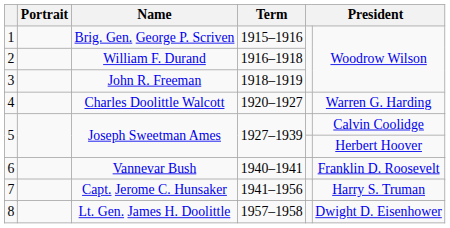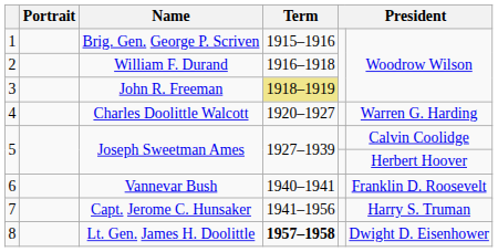 <table class="wikitable" style="text-align:center">
 <tr>
 <th></th>
 <th>Portrait</th>
 <th>Name</th>
 <th>Term</th>
 <th colspan="2">President<br></th>
 </tr>
 <tr>
 <td>1</td>
 <td></td>
 <td><a href='#'>Brig. Gen.</a> <a href='#'>George P. Scriven</a><br></td>
 <td>1915–1916</td>
 <td rowspan=4 style="background: "></td>
 <td rowspan=4><a href='#'>Woodrow Wilson</a></td>
 </tr>
 <tr>
 <td>2</td>
 <td></td>
 <td><a href='#'>William F. Durand</a><br></td>
 <td>1916–1918</td>
 </tr>
 <tr>
 <td>3</td>
 <td></td>
 <td><a href='#'>John R. Freeman</a><br></td>
-<td>1918–1919</td>
+<td style="background: khaki;">1918–1919</td>
 </tr>
 <tr>
 <td rowspan=3>4</td>
 <td rowspan=3></td>
 <td rowspan=3><a href='#'>Charles Doolittle Walcott</a><br></td>
 <td rowspan=3>1920–1927</td>
 </tr>
 <tr>
 <td rowspan=1 style="background: "></td>
 <td rowspan=1><a href='#'>Warren G. Harding</a></td>
 </tr>
 <tr>
 <td rowspan=2 style="background: "></td>
 <td rowspan=2><a href='#'>Calvin Coolidge</a></td>
 </tr>
 <tr>
 <td rowspan=3>5</td>
 <td rowspan=3></td>
 <td rowspan=3><a href='#'>Joseph Sweetman Ames</a><br></td>
 <td rowspan=3>1927–1939</td>
 </tr>
 <tr>
 <td rowspan=1 style="background: "></td>
 <td rowspan=1><a href='#'>Herbert Hoover</a></td>
 </tr>
 <tr>
 <td rowspan=3 style="background: "></td>
 <td rowspan=3><a href='#'>Franklin D. Roosevelt</a></td>
 </tr>
 <tr>
 <td>6</td>
 <td></td>
 <td><a href='#'>Vannevar Bush</a><br></td>
 <td>1940–1941</td>
 </tr>
 <tr>
 <td rowspan=3>7</td>
 <td rowspan=3></td>
 <td rowspan=3><a href='#'>Capt.</a> <a href='#'>Jerome C. Hunsaker</a><br></td>
 <td rowspan=3>1941–1956</td>
 </tr>
 <tr>
 <td rowspan=1 style="background: "></td>
 <td rowspan=1><a href='#'>Harry S. Truman</a></td>
 </tr>
 <tr>
 <td rowspan=2 style="background: "></td>
 <td rowspan=2><a href='#'>Dwight D. Eisenhower</a></td>
 </tr>
 <tr>
 <td>8</td>
 <td></td>
 <td><a href='#'>Lt. Gen.</a> <a href='#'>James H. Doolittle</a><br></td>
-<td>1957–1958</td>
+<td><strong>1957–1958</strong></td>
 </tr>
 </table>
